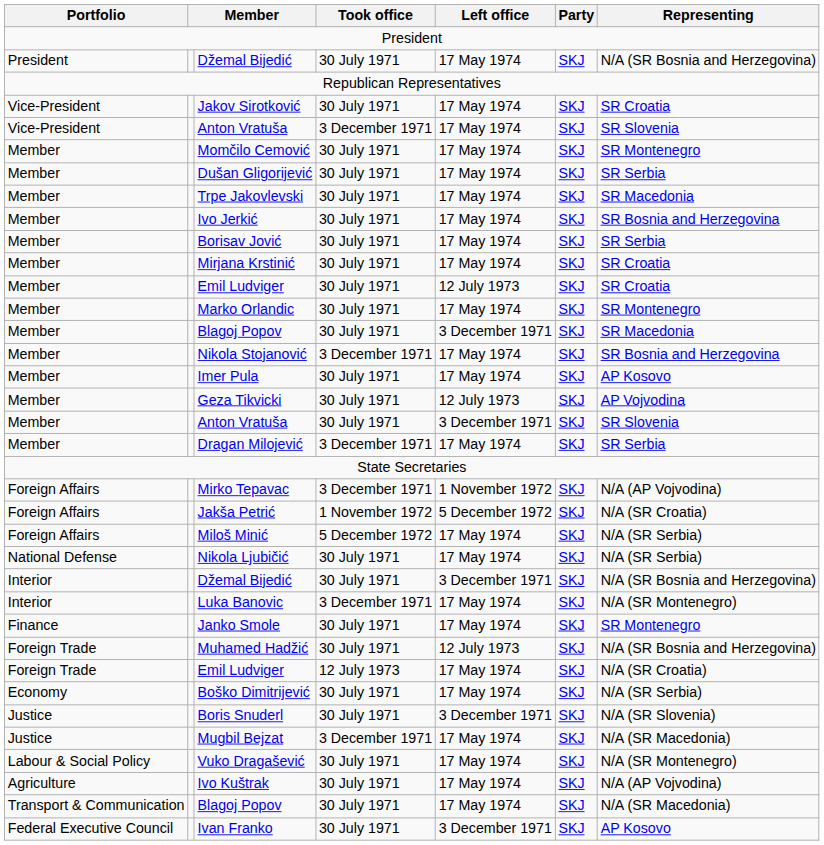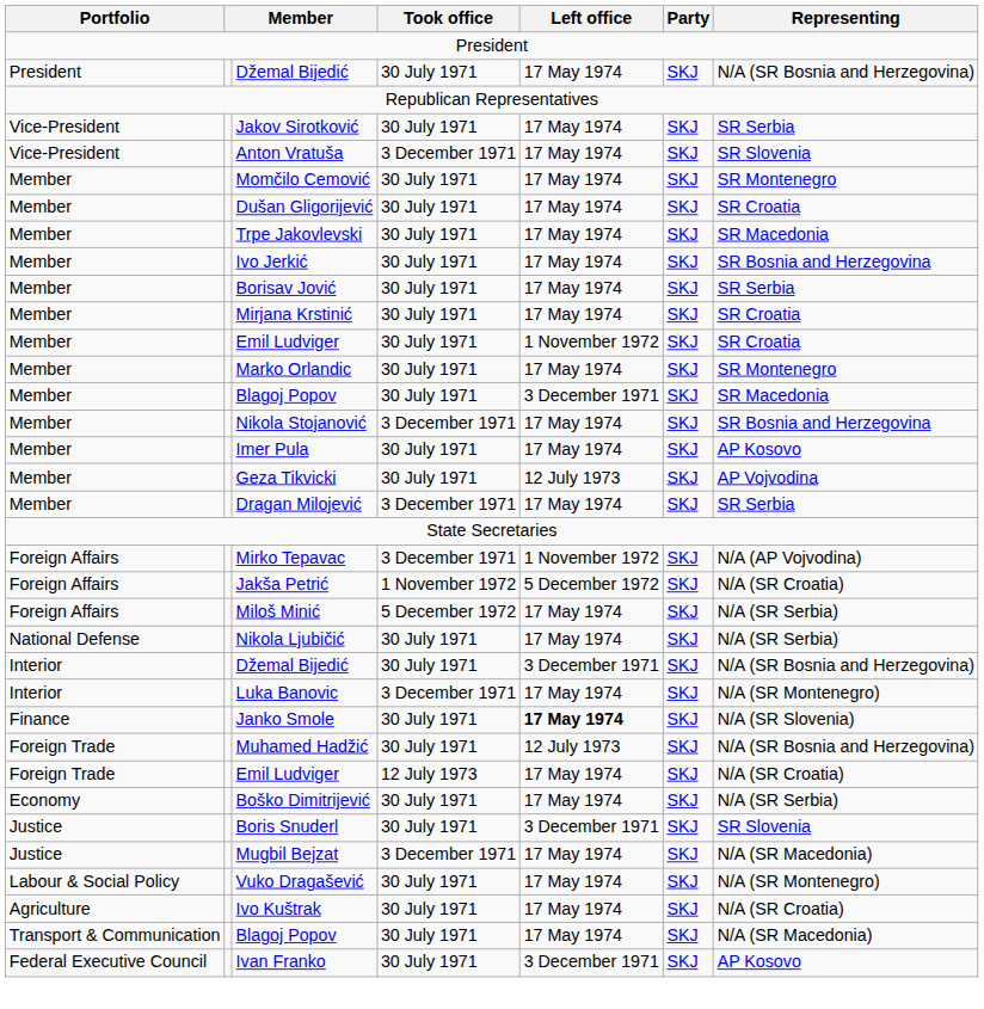 <table class="wikitable">
 <tr>
 <th style="text-align: center;">Portfolio</th>
 <th colspan="2" style="text-align: center;">Member</th>
 <th style="text-align: center;">Took office</th>
 <th style="text-align: center;">Left office</th>
 <th style="text-align: center;">Party</th>
 <th style="text-align: center;">Representing</th>
 </tr>
 <tr>
 <td colspan="7" style="text-align: center;">President</td>
 </tr>
 <tr>
 <td>President</td>
 <td style="background:"></td>
 <td><a href='#'>Džemal Bijedić</a></td>
 <td>30 July 1971</td>
 <td>17 May 1974</td>
 <td><a href='#'>SKJ</a></td>
 <td>N/A (SR Bosnia and Herzegovina)</td>
 </tr>
 <tr>
 <td colspan="7" style="text-align: center;">Republican Representatives</td>
 </tr>
 <tr>
 <td>Vice-President</td>
 <td style="background:"></td>
 <td><a href='#'>Jakov Sirotković</a></td>
 <td>30 July 1971</td>
 <td>17 May 1974</td>
 <td><a href='#'>SKJ</a></td>
-<td><a href='#'>SR Croatia</a></td>
+<td><a href='#'>SR Serbia</a></td>
 </tr>
 <tr>
 <td>Vice-President</td>
 <td style="background:"></td>
 <td><a href='#'>Anton Vratuša</a></td>
 <td>3 December 1971</td>
 <td>17 May 1974</td>
 <td><a href='#'>SKJ</a></td>
 <td><a href='#'>SR Slovenia</a></td>
 </tr>
 <tr>
 <td>Member</td>
 <td style="background:"></td>
 <td><a href='#'>Momčilo Cemović</a></td>
 <td>30 July 1971</td>
 <td>17 May 1974</td>
 <td><a href='#'>SKJ</a></td>
 <td><a href='#'>SR Montenegro</a></td>
 </tr>
 <tr>
 <td>Member</td>
 <td style="background:"></td>
 <td><a href='#'>Dušan Gligorijević</a></td>
 <td>30 July 1971</td>
 <td>17 May 1974</td>
 <td><a href='#'>SKJ</a></td>
-<td><a href='#'>SR Serbia</a></td>
+<td><a href='#'>SR Croatia</a></td>
 </tr>
 <tr>
 <td>Member</td>
 <td style="background:"></td>
 <td><a href='#'>Trpe Jakovlevski</a></td>
 <td>30 July 1971</td>
 <td>17 May 1974</td>
 <td><a href='#'>SKJ</a></td>
 <td><a href='#'>SR Macedonia</a></td>
 </tr>
 <tr>
 <td>Member</td>
 <td style="background:"></td>
 <td><a href='#'>Ivo Jerkić</a></td>
 <td>30 July 1971</td>
 <td>17 May 1974</td>
 <td><a href='#'>SKJ</a></td>
 <td><a href='#'>SR Bosnia and Herzegovina</a></td>
 </tr>
 <tr>
 <td>Member</td>
 <td style="background:"></td>
 <td><a href='#'>Borisav Jović</a></td>
 <td>30 July 1971</td>
 <td>17 May 1974</td>
 <td><a href='#'>SKJ</a></td>
 <td><a href='#'>SR Serbia</a></td>
 </tr>
 <tr>
 <td>Member</td>
 <td style="background:"></td>
 <td><a href='#'>Mirjana Krstinić</a></td>
 <td>30 July 1971</td>
 <td>17 May 1974</td>
 <td><a href='#'>SKJ</a></td>
 <td><a href='#'>SR Croatia</a></td>
 </tr>
 <tr>
 <td>Member</td>
 <td style="background:"></td>
 <td><a href='#'>Emil Ludviger</a></td>
 <td>30 July 1971</td>
-<td>12 July 1973</td>
+<td>1 November 1972</td>
 <td><a href='#'>SKJ</a></td>
 <td><a href='#'>SR Croatia</a></td>
 </tr>
 <tr>
 <td>Member</td>
 <td style="background:"></td>
 <td><a href='#'>Marko Orlandic</a></td>
 <td>30 July 1971</td>
 <td>17 May 1974</td>
 <td><a href='#'>SKJ</a></td>
 <td><a href='#'>SR Montenegro</a></td>
 </tr>
 <tr>
 <td>Member</td>
 <td style="background:"></td>
 <td><a href='#'>Blagoj Popov</a></td>
 <td>30 July 1971</td>
 <td>3 December 1971</td>
 <td><a href='#'>SKJ</a></td>
 <td><a href='#'>SR Macedonia</a></td>
 </tr>
 <tr>
 <td>Member</td>
 <td style="background:"></td>
 <td><a href='#'>Nikola Stojanović</a></td>
 <td>3 December 1971</td>
 <td>17 May 1974</td>
 <td><a href='#'>SKJ</a></td>
 <td><a href='#'>SR Bosnia and Herzegovina</a></td>
 </tr>
 <tr>
 <td>Member</td>
 <td style="background:"></td>
 <td><a href='#'>Imer Pula</a></td>
 <td>30 July 1971</td>
 <td>17 May 1974</td>
 <td><a href='#'>SKJ</a></td>
 <td><a href='#'>AP Kosovo</a></td>
 </tr>
 <tr>
 <td>Member</td>
 <td style="background:"></td>
 <td><a href='#'>Geza Tikvicki</a></td>
 <td>30 July 1971</td>
 <td>12 July 1973</td>
 <td><a href='#'>SKJ</a></td>
 <td><a href='#'>AP Vojvodina</a></td>
-</tr>
-<tr>
-<td>Member</td>
-<td style="background:"></td>
-<td><a href='#'>Anton Vratuša</a></td>
-<td>30 July 1971</td>
-<td>3 December 1971</td>
-<td><a href='#'>SKJ</a></td>
-<td><a href='#'>SR Slovenia</a></td>
 </tr>
 <tr>
 <td>Member</td>
 <td style="background:"></td>
 <td><a href='#'>Dragan Milojević</a></td>
 <td>3 December 1971</td>
 <td>17 May 1974</td>
 <td><a href='#'>SKJ</a></td>
 <td><a href='#'>SR Serbia</a></td>
 </tr>
 <tr>
 <td colspan="7" style="text-align: center;">State Secretaries</td>
 </tr>
 <tr>
 <td>Foreign Affairs</td>
 <td style="background:"></td>
 <td><a href='#'>Mirko Tepavac</a></td>
 <td>3 December 1971</td>
 <td>1 November 1972</td>
 <td><a href='#'>SKJ</a></td>
 <td>N/A (AP Vojvodina)</td>
 </tr>
 <tr>
 <td>Foreign Affairs</td>
 <td style="background:"></td>
 <td><a href='#'>Jakša Petrić</a></td>
 <td>1 November 1972</td>
 <td>5 December 1972</td>
 <td><a href='#'>SKJ</a></td>
 <td>N/A (SR Croatia)</td>
 </tr>
 <tr>
 <td>Foreign Affairs</td>
 <td style="background:"></td>
 <td><a href='#'>Miloš Minić</a></td>
 <td>5 December 1972</td>
 <td>17 May 1974</td>
 <td><a href='#'>SKJ</a></td>
 <td>N/A (SR Serbia)</td>
 </tr>
 <tr>
 <td>National Defense</td>
 <td style="background:"></td>
 <td><a href='#'>Nikola Ljubičić</a></td>
 <td>30 July 1971</td>
 <td>17 May 1974</td>
 <td><a href='#'>SKJ</a></td>
 <td>N/A (SR Serbia)</td>
 </tr>
 <tr>
 <td>Interior</td>
 <td style="background:"></td>
 <td><a href='#'>Džemal Bijedić</a></td>
 <td>30 July 1971</td>
 <td>3 December 1971</td>
 <td><a href='#'>SKJ</a></td>
 <td>N/A (SR Bosnia and Herzegovina)</td>
 </tr>
 <tr>
 <td>Interior</td>
 <td style="background:"></td>
 <td><a href='#'>Luka Banovic</a></td>
 <td>3 December 1971</td>
 <td>17 May 1974</td>
 <td><a href='#'>SKJ</a></td>
 <td>N/A (SR Montenegro)</td>
 </tr>
 <tr>
 <td>Finance</td>
 <td style="background:"></td>
 <td><a href='#'>Janko Smole</a></td>
 <td>30 July 1971</td>
-<td>17 May 1974</td>
+<td><strong>17 May 1974</strong></td>
 <td><a href='#'>SKJ</a></td>
-<td><a href='#'>SR Montenegro</a></td>
+<td>N/A (SR Slovenia)</td>
 </tr>
 <tr>
 <td>Foreign Trade</td>
 <td style="background:"></td>
 <td><a href='#'>Muhamed Hadžić</a></td>
 <td>30 July 1971</td>
 <td>12 July 1973</td>
 <td><a href='#'>SKJ</a></td>
 <td>N/A (SR Bosnia and Herzegovina)</td>
 </tr>
 <tr>
 <td>Foreign Trade</td>
 <td style="background:"></td>
 <td><a href='#'>Emil Ludviger</a></td>
 <td>12 July 1973</td>
 <td>17 May 1974</td>
 <td><a href='#'>SKJ</a></td>
 <td>N/A (SR Croatia)</td>
 </tr>
 <tr>
 <td>Economy</td>
 <td style="background:"></td>
 <td><a href='#'>Boško Dimitrijević</a></td>
 <td>30 July 1971</td>
 <td>17 May 1974</td>
 <td><a href='#'>SKJ</a></td>
 <td>N/A (SR Serbia)</td>
 </tr>
 <tr>
 <td>Justice</td>
 <td style="background:"></td>
 <td><a href='#'>Boris Snuderl</a></td>
 <td>30 July 1971</td>
 <td>3 December 1971</td>
 <td><a href='#'>SKJ</a></td>
-<td>N/A (SR Slovenia)</td>
+<td><a href='#'>SR Slovenia</a></td>
 </tr>
 <tr>
 <td>Justice</td>
 <td style="background:"></td>
 <td><a href='#'>Mugbil Bejzat</a></td>
 <td>3 December 1971</td>
 <td>17 May 1974</td>
 <td><a href='#'>SKJ</a></td>
 <td>N/A (SR Macedonia)</td>
 </tr>
 <tr>
 <td>Labour & Social Policy</td>
 <td style="background:"></td>
 <td><a href='#'>Vuko Dragašević</a></td>
 <td>30 July 1971</td>
 <td>17 May 1974</td>
 <td><a href='#'>SKJ</a></td>
 <td>N/A (SR Montenegro)</td>
 </tr>
 <tr>
 <td>Agriculture</td>
 <td style="background:"></td>
 <td><a href='#'>Ivo Kuštrak</a></td>
 <td>30 July 1971</td>
 <td>17 May 1974</td>
 <td><a href='#'>SKJ</a></td>
-<td>N/A (AP Vojvodina)</td>
+<td>N/A (SR Croatia)</td>
 </tr>
 <tr>
 <td>Transport & Communication</td>
 <td style="background:"></td>
 <td><a href='#'>Blagoj Popov</a></td>
 <td>30 July 1971</td>
 <td>17 May 1974</td>
 <td><a href='#'>SKJ</a></td>
 <td>N/A (SR Macedonia)</td>
 </tr>
 <tr>
 <td>Federal Executive Council</td>
 <td style="background:"></td>
 <td><a href='#'>Ivan Franko</a></td>
 <td>30 July 1971</td>
 <td>3 December 1971</td>
 <td><a href='#'>SKJ</a></td>
 <td><a href='#'>AP Kosovo</a></td>
 </tr>
 </table>
